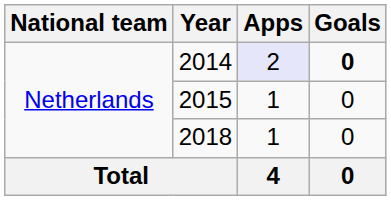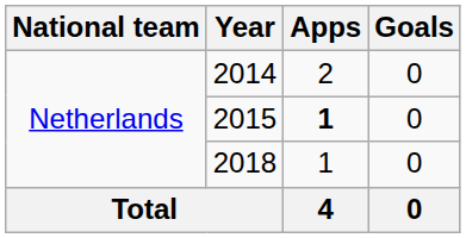 <table class="wikitable" style="text-align:center">
 <tr>
 <th>National team</th>
 <th>Year</th>
 <th>Apps</th>
 <th>Goals</th>
 </tr>
 <tr>
 <td rowspan="3"><a href='#'>Netherlands</a></td>
 <td>2014</td>
-<td style="background: lavender;">2</td>
-<td><strong>0</strong></td>
+<td>2</td>
+<td>0</td>
 </tr>
 <tr>
 <td>2015</td>
-<td>1</td>
+<td><strong>1</strong></td>
 <td>0</td>
 </tr>
 <tr>
 <td>2018</td>
 <td>1</td>
 <td>0</td>
 </tr>
 <tr>
 <th colspan="2">Total</th>
 <th>4</th>
 <th>0</th>
 </tr>
 </table>
